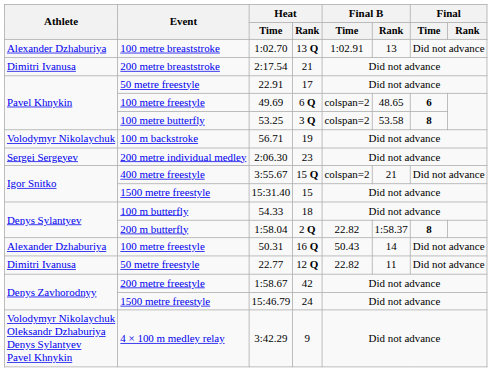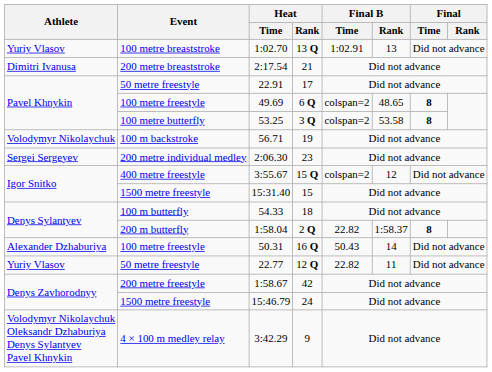 <table class=wikitable style="font-size:90%">
 <tr>
 <th rowspan="2">Athlete</th>
 <th rowspan="2">Event</th>
 <th colspan="2">Heat</th>
 <th colspan="2">Final B</th>
 <th colspan="2">Final</th>
 </tr>
 <tr style="font-size:95%">
 <th>Time</th>
 <th>Rank</th>
 <th>Time</th>
 <th>Rank</th>
 <th>Time</th>
 <th>Rank</th>
 </tr>
 <tr align=center>
-<td align=left><a href='#'>Alexander Dzhaburiya</a></td>
+<td align=left><a href='#'>Yuriy Vlasov</a></td>
 <td align=left><a href='#'>100 metre breaststroke</a></td>
 <td>1:02.70</td>
 <td>13 <strong>Q</strong></td>
 <td>1:02.91</td>
 <td>13</td>
 <td colspan=2>Did not advance</td>
 </tr>
 <tr align=center>
 <td align=left><a href='#'>Dimitri Ivanusa</a></td>
 <td align=left><a href='#'>200 metre breaststroke</a></td>
 <td>2:17.54</td>
 <td>21</td>
 <td colspan=4>Did not advance</td>
 </tr>
 <tr align=center>
 <td align=left rowspan=3><a href='#'>Pavel Khnykin</a></td>
 <td align=left><a href='#'>50 metre freestyle</a></td>
 <td>22.91</td>
 <td>17</td>
 <td colspan=4>Did not advance</td>
 </tr>
 <tr align=center>
 <td align=left><a href='#'>100 metre freestyle</a></td>
 <td>49.69</td>
 <td>6 <strong>Q</strong></td>
 <td>colspan=2 </td>
 <td>48.65</td>
-<td><strong>6</strong></td>
+<td><strong>8</strong></td>
 </tr>
 <tr align=center>
 <td align=left><a href='#'>100 metre butterfly</a></td>
 <td>53.25</td>
 <td>3 <strong>Q</strong></td>
 <td>colspan=2 </td>
 <td>53.58</td>
 <td><strong>8</strong></td>
 </tr>
 <tr align=center>
 <td align=left><a href='#'>Volodymyr Nikolaychuk</a></td>
 <td align=left><a href='#'>100 m backstroke</a></td>
 <td>56.71</td>
 <td>19</td>
 <td colspan=4>Did not advance</td>
 </tr>
 <tr align=center>
 <td align=left><a href='#'>Sergei Sergeyev</a></td>
 <td align=left><a href='#'>200 metre individual medley</a></td>
 <td>2:06.30</td>
 <td>23</td>
 <td colspan=4>Did not advance</td>
 </tr>
 <tr align=center>
 <td align=left rowspan=2><a href='#'>Igor Snitko</a></td>
 <td align=left><a href='#'>400 metre freestyle</a></td>
 <td>3:55.67</td>
 <td>15 <strong>Q</strong></td>
 <td>colspan=2 </td>
-<td>21</td>
+<td>12</td>
 <td colspan=2>Did not advance</td>
 </tr>
 <tr align=center>
 <td align=left><a href='#'>1500 metre freestyle</a></td>
 <td>15:31.40</td>
 <td>15</td>
 <td colspan=4>Did not advance</td>
 </tr>
 <tr align=center>
 <td align=left rowspan=2><a href='#'>Denys Sylantyev</a></td>
 <td align=left><a href='#'>100 m butterfly</a></td>
 <td>54.33</td>
 <td>18</td>
 <td colspan=4>Did not advance</td>
 </tr>
 <tr align=center>
 <td align=left><a href='#'>200 m butterfly</a></td>
 <td>1:58.04</td>
 <td>2 <strong>Q</strong></td>
 <td>22.82</td>
 <td>1:58.37</td>
 <td><strong>8</strong></td>
 </tr>
 <tr align=center>
 <td align=left><a href='#'>Alexander Dzhaburiya</a></td>
 <td align=left><a href='#'>100 metre freestyle</a></td>
 <td>50.31</td>
 <td>16 <strong>Q</strong></td>
 <td>50.43</td>
 <td>14</td>
 <td colspan=2>Did not advance</td>
 </tr>
 <tr align=center>
-<td align=left><a href='#'>Dimitri Ivanusa</a></td>
+<td align=left><a href='#'>Yuriy Vlasov</a></td>
 <td align=left><a href='#'>50 metre freestyle</a></td>
 <td>22.77</td>
 <td>12 <strong>Q</strong></td>
 <td>22.82</td>
 <td>11</td>
 <td colspan=2>Did not advance</td>
 </tr>
 <tr align=center>
 <td align=left rowspan=2><a href='#'>Denys Zavhorodnyy</a></td>
 <td align=left><a href='#'>200 metre freestyle</a></td>
 <td>1:58.67</td>
 <td>42</td>
 <td colspan=4>Did not advance</td>
 </tr>
 <tr align=center>
 <td align=left><a href='#'>1500 metre freestyle</a></td>
 <td>15:46.79</td>
 <td>24</td>
 <td colspan=4>Did not advance</td>
 </tr>
 <tr align=center>
 <td align=left><a href='#'>Volodymyr Nikolaychuk</a><br><a href='#'>Oleksandr Dzhaburiya</a><br><a href='#'>Denys Sylantyev</a><br><a href='#'>Pavel Khnykin</a></td>
 <td align=left><a href='#'>4 × 100 m medley relay</a></td>
 <td>3:42.29</td>
 <td>9</td>
 <td colspan=4>Did not advance</td>
 </tr>
 </table>
